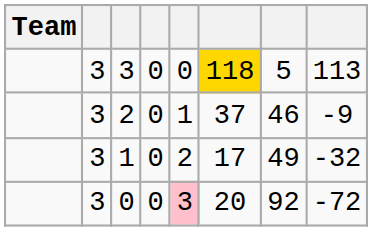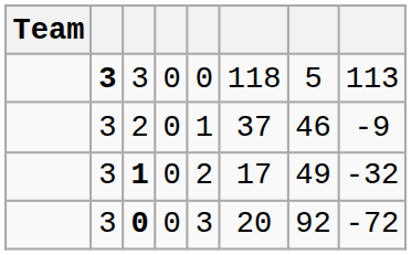 <table class="wikitable" style="text-align: center;">
 <tr>
 <th>Team</th>
 <th></th>
 <th></th>
 <th></th>
 <th></th>
 <th></th>
 <th></th>
 <th></th>
 </tr>
 <tr>
 <td align="left"></td>
-<td>3</td>
+<td><strong>3</strong></td>
 <td>3</td>
 <td>0</td>
 <td>0</td>
-<td style="background: gold;">118</td>
+<td>118</td>
 <td>5</td>
 <td>113</td>
 </tr>
 <tr>
 <td align="left"></td>
 <td>3</td>
 <td>2</td>
 <td>0</td>
 <td>1</td>
 <td>37</td>
 <td>46</td>
 <td>-9</td>
 </tr>
 <tr>
 <td align="left"></td>
 <td>3</td>
-<td>1</td>
+<td><strong>1</strong></td>
 <td>0</td>
 <td>2</td>
 <td>17</td>
 <td>49</td>
 <td>-32</td>
 </tr>
 <tr>
 <td align="left"></td>
 <td>3</td>
+<td><strong>0</strong></td>
 <td>0</td>
-<td>0</td>
-<td style="background: pink;">3</td>
+<td>3</td>
 <td>20</td>
 <td>92</td>
 <td>-72</td>
 </tr>
 </table>
